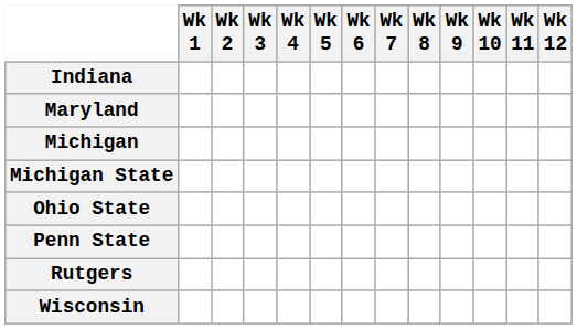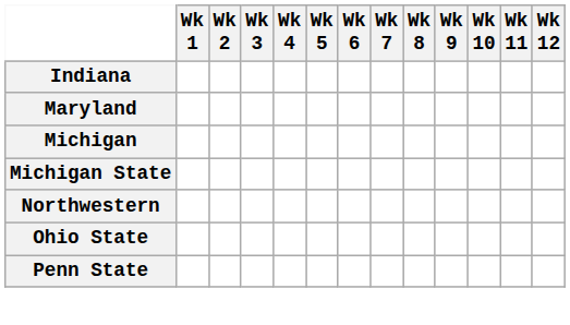 <table class="wikitable" style="white-space:nowrap;font-size:90%;text-align:center;">
 <tr>
 <th style="background:white; border-top-style:hidden; border-left-style:hidden;"> </th>
 <th>Wk<br> 1</th>
 <th>Wk<br>2</th>
 <th>Wk<br>3</th>
 <th>Wk<br>4</th>
 <th>Wk<br>5</th>
 <th>Wk<br>6</th>
 <th>Wk<br>7</th>
 <th>Wk<br>8</th>
 <th>Wk<br>9</th>
 <th>Wk<br>10</th>
 <th>Wk<br>11</th>
 <th>Wk<br>12</th>
 </tr>
 <tr>
 <th>Indiana</th>
 <td style="background:#FFF;"></td>
 <td style="background:#FFF;"></td>
 <td style="background:#FFF;"></td>
 <td style="background:#FFF;"></td>
 <td style="background:#FFF;"></td>
 <td style="background:#FFF;"></td>
 <td style="background:#FFF;"></td>
 <td style="background:#FFF;"></td>
 <td style="background:#FFF;"></td>
 <td style="background:#FFF;"></td>
 <td style="background:#FFF;"></td>
 <td style="background:#FFF;"></td>
 </tr>
 <tr>
 <th>Maryland</th>
 <td style="background:#FFF;"></td>
 <td style="background:#FFF;"></td>
 <td style="background:#FFF;"></td>
 <td style="background:#FFF;"></td>
 <td style="background:#FFF;"></td>
 <td style="background:#FFF;"></td>
 <td style="background:#FFF;"></td>
 <td style="background:#FFF;"></td>
 <td style="background:#FFF;"></td>
 <td style="background:#FFF;"></td>
 <td style="background:#FFF;"></td>
 <td style="background:#FFF;"></td>
 </tr>
 <tr>
 <th>Michigan</th>
 <td style="background:#FFF;"></td>
 <td style="background:#FFF;"></td>
 <td style="background:#FFF;"></td>
 <td style="background:#FFF;"></td>
 <td style="background:#FFF;"></td>
 <td style="background:#FFF;"></td>
 <td style="background:#FFF;"></td>
 <td style="background:#FFF;"></td>
 <td style="background:#FFF;"></td>
 <td style="background:#FFF;"></td>
 <td style="background:#FFF;"></td>
 <td style="background:#FFF;"></td>
 </tr>
 <tr>
 <th>Michigan State</th>
 <td style="background:#FFF;"></td>
 <td style="background:#FFF;"></td>
 <td style="background:#FFF;"></td>
 <td style="background:#FFF;"></td>
 <td style="background:#FFF;"></td>
 <td style="background:#FFF;"></td>
 <td style="background:#FFF;"></td>
 <td style="background:#FFF;"></td>
 <td style="background:#FFF;"></td>
 <td style="background:#FFF;"></td>
 <td style="background:#FFF;"></td>
 <td style="background:#FFF;"></td>
 </tr>
 <tr>
+<th>Northwestern</th>
+<td style="background:#FFF;"></td>
+<td style="background:#FFF;"></td>
+<td style="background:#FFF;"></td>
+<td style="background:#FFF;"></td>
+<td style="background:#FFF;"></td>
+<td style="background:#FFF;"></td>
+<td style="background:#FFF;"></td>
+<td style="background:#FFF;"></td>
+<td style="background:#FFF;"></td>
+<td style="background:#FFF;"></td>
+<td style="background:#FFF;"></td>
+<td style="background:#FFF;"></td>
+</tr>
+<tr>
 <th>Ohio State</th>
 <td style="background:#FFF;"></td>
 <td style="background:#FFF;"></td>
 <td style="background:#FFF;"></td>
 <td style="background:#FFF;"></td>
 <td style="background:#FFF;"></td>
 <td style="background:#FFF;"></td>
 <td style="background:#FFF;"></td>
 <td style="background:#FFF;"></td>
 <td style="background:#FFF;"></td>
 <td style="background:#FFF;"></td>
 <td style="background:#FFF;"></td>
 <td style="background:#FFF;"></td>
 </tr>
 <tr>
 <th>Penn State</th>
 <td style="background:#FFF;"></td>
 <td style="background:#FFF;"></td>
 <td style="background:#FFF;"></td>
 <td style="background:#FFF;"></td>
 <td style="background:#FFF;"></td>
 <td style="background:#FFF;"></td>
 <td style="background:#FFF;"></td>
 <td style="background:#FFF;"></td>
 <td style="background:#FFF;"></td>
 <td style="background:#FFF;"></td>
 <td style="background:#FFF;"></td>
 <td style="background:#FFF;"></td>
 </tr>
-<tr>
-<th>Rutgers</th>
-<td style="background:#FFF;"></td>
-<td style="background:#FFF;"></td>
-<td style="background:#FFF;"></td>
-<td style="background:#FFF;"></td>
-<td style="background:#FFF;"></td>
-<td style="background:#FFF;"></td>
-<td style="background:#FFF;"></td>
-<td style="background:#FFF;"></td>
-<td style="background:#FFF;"></td>
-<td style="background:#FFF;"></td>
-<td style="background:#FFF;"></td>
-<td style="background:#FFF;"></td>
-</tr>
-<tr>
-<th>Wisconsin</th>
-<td style="background:#FFF;"></td>
-<td style="background:#FFF;"></td>
-<td style="background:#FFF;"></td>
-<td style="background:#FFF;"></td>
-<td style="background:#FFF;"></td>
-<td style="background:#FFF;"></td>
-<td style="background:#FFF;"></td>
-<td style="background:#FFF;"></td>
-<td style="background:#FFF;"></td>
-<td style="background:#FFF;"></td>
-<td style="background:#FFF;"></td>
-<td style="background:#FFF;"></td>
-</tr>
 </table>
